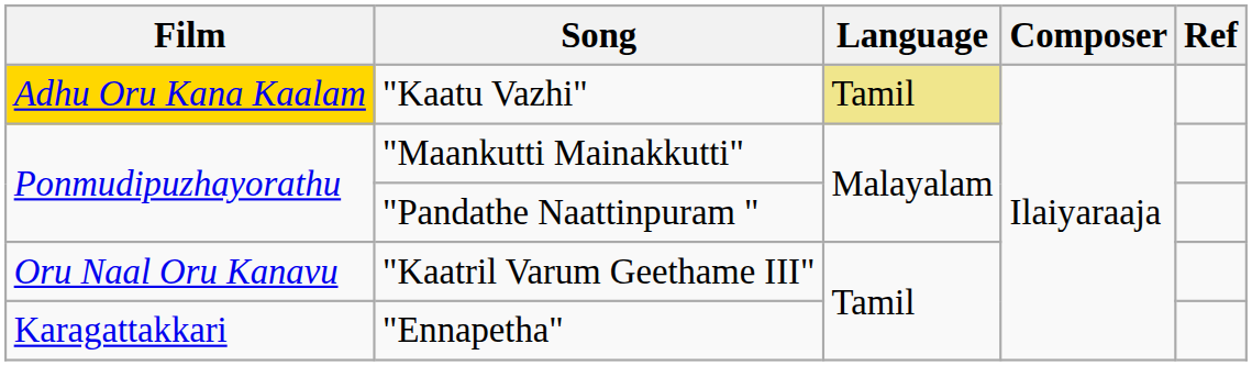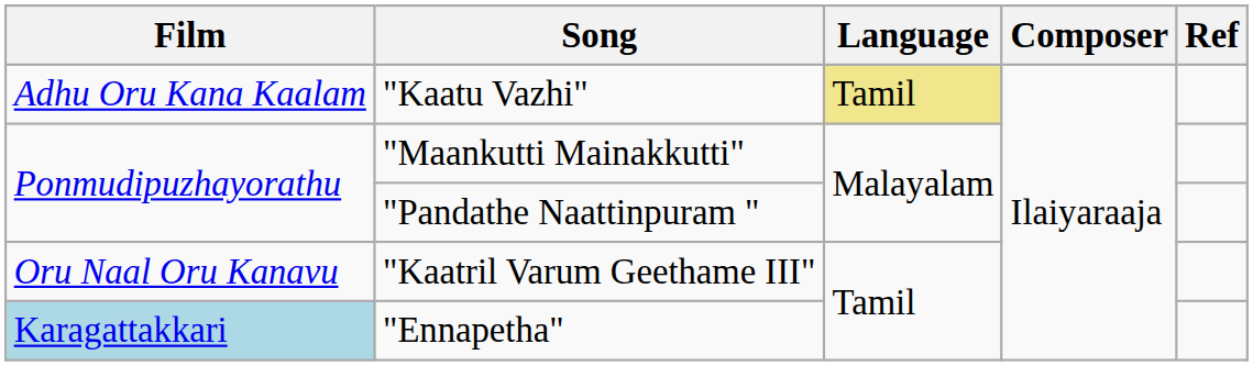 <table class="wikitable sortable" style="font-size:95%;">
 <tr>
 <th>Film</th>
 <th>Song</th>
 <th>Language</th>
 <th>Composer</th>
 <th>Ref</th>
 </tr>
 <tr>
-<td style="background: gold;"><a href='#'><em>Adhu Oru Kana Kaalam</em></a></td>
+<td><a href='#'><em>Adhu Oru Kana Kaalam</em></a></td>
 <td>"Kaatu Vazhi"</td>
 <td style="background: khaki;">Tamil</td>
 <td rowspan="5">Ilaiyaraaja</td>
 <td></td>
 </tr>
 <tr>
 <td rowspan="2"><em><a href='#'>Ponmudipuzhayorathu</a></em></td>
 <td>"Maankutti Mainakkutti"</td>
 <td rowspan="2">Malayalam</td>
 <td></td>
 </tr>
 <tr>
 <td>"Pandathe Naattinpuram "</td>
 <td></td>
 </tr>
 <tr>
 <td><a href='#'><em>Oru Naal Oru Kanavu</em></a></td>
 <td>"Kaatril Varum Geethame III"</td>
 <td rowspan="2">Tamil</td>
 <td></td>
 </tr>
 <tr>
-<td><a href='#'>Karagattakkari</a></td>
+<td style="background: lightblue;"><a href='#'>Karagattakkari</a></td>
 <td>"Ennapetha"</td>
 <td></td>
 </tr>
 </table>
